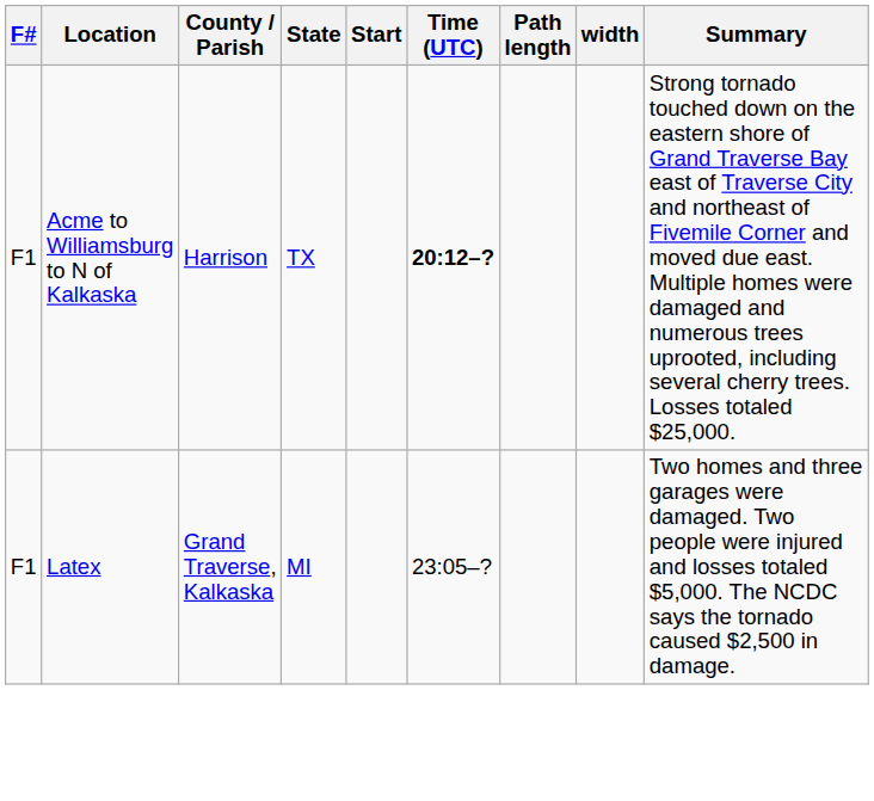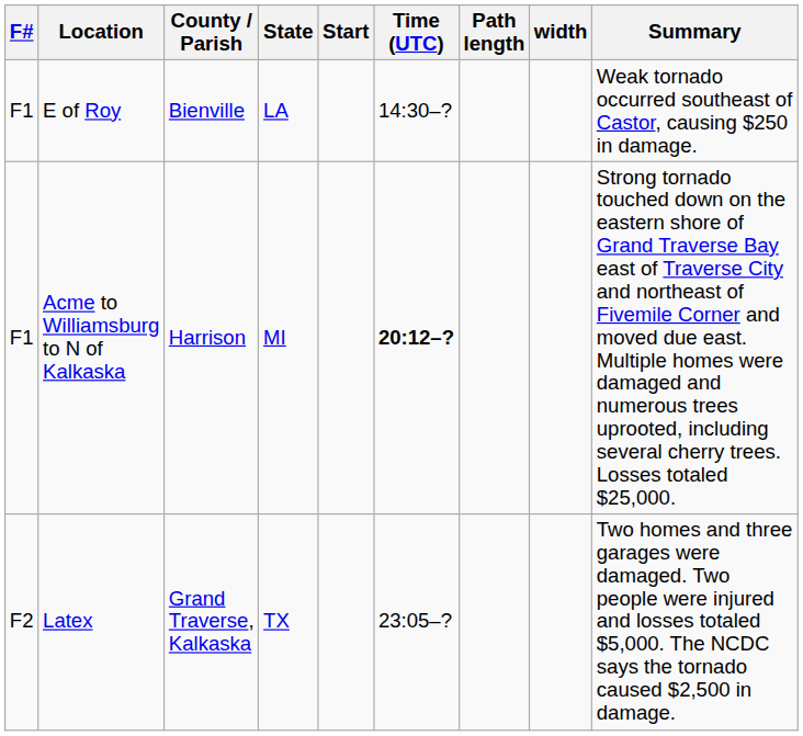 <table class="wikitable sortable" style="width:100%;">
 <tr>
 <th scope="col"  style="width:3%; text-align:center;"><a href='#'>F#</a></th>
 <th scope="col"  style="width:7%; text-align:center;" class="unsortable">Location</th>
 <th scope="col"  style="width:6%; text-align:center;" class="unsortable">County / Parish</th>
 <th scope="col"  style="width:5%; text-align:center;">State</th>
 <th scope="col"  style="width:6%; text-align:center;">Start<br></th>
 <th scope="col"  style="width:6%; text-align:center;">Time (<a href='#'>UTC</a>)</th>
 <th scope="col"  style="width:6%; text-align:center;">Path length</th>
 <th scope="col"  style="width:6%; text-align:center;"> width</th>
 <th scope="col" class="unsortable" style="width:48%; text-align:center;">Summary</th>
 </tr>
 <tr>
 <td>F1</td>
+<td>E of <a href='#'>Roy</a></td>
+<td><a href='#'>Bienville</a></td>
+<td><a href='#'>LA</a></td>
+<td></td>
+<td>14:30–?</td>
+<td></td>
+<td></td>
+<td>Weak tornado occurred southeast of <a href='#'>Castor</a>, causing $250 in damage.</td>
+</tr>
+<tr>
+<td>F1</td>
 <td><a href='#'>Acme</a> to <a href='#'>Williamsburg</a> to N of <a href='#'>Kalkaska</a></td>
 <td><a href='#'>Harrison</a></td>
-<td><a href='#'>TX</a></td>
+<td><a href='#'>MI</a></td>
 <td></td>
 <td><strong>20:12–?</strong></td>
 <td></td>
 <td></td>
 <td>Strong tornado touched down on the eastern shore of <a href='#'>Grand Traverse Bay</a> east of <a href='#'>Traverse City</a> and northeast of <a href='#'>Fivemile Corner</a> and moved due east. Multiple homes were damaged and numerous trees uprooted, including several cherry trees. Losses totaled $25,000.</td>
 </tr>
 <tr>
-<td>F1</td>
+<td>F2</td>
 <td><a href='#'>Latex</a></td>
 <td><a href='#'>Grand Traverse</a>, <a href='#'>Kalkaska</a></td>
-<td><a href='#'>MI</a></td>
+<td><a href='#'>TX</a></td>
 <td></td>
 <td>23:05–?</td>
 <td></td>
 <td></td>
 <td>Two homes and three garages were damaged. Two people were injured and losses totaled $5,000. The NCDC says the tornado caused $2,500 in damage.</td>
 </tr>
 </table>
